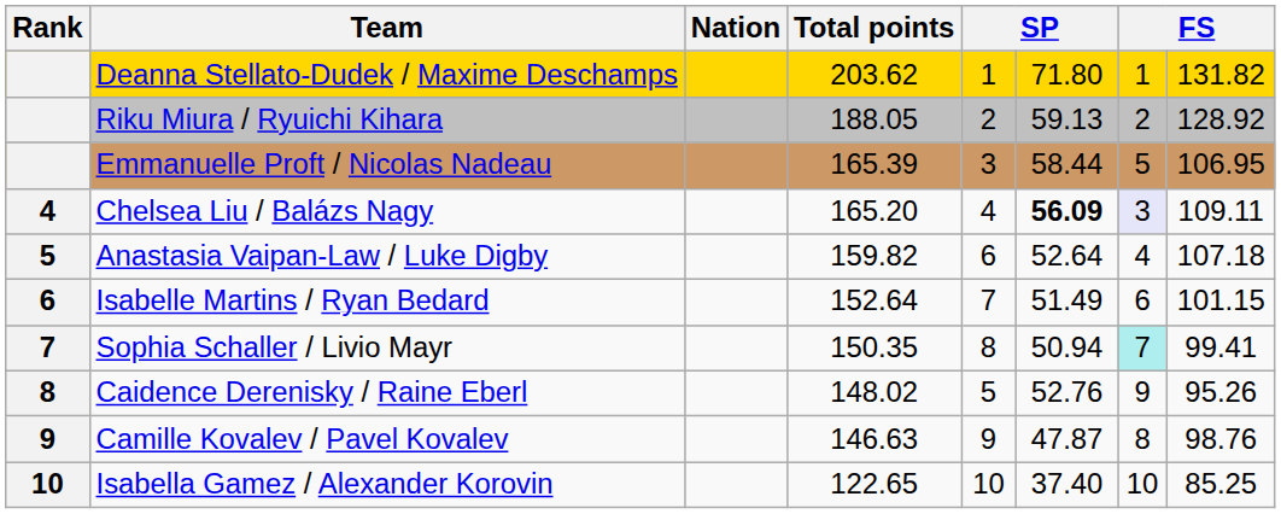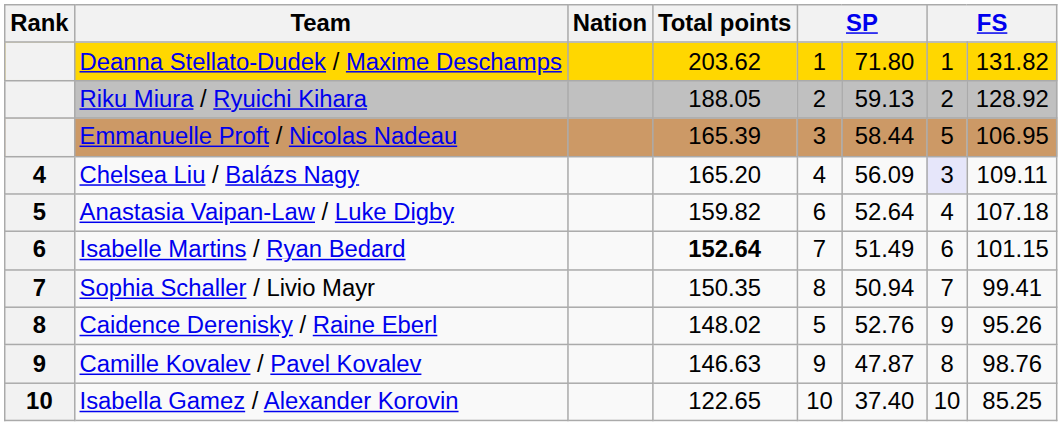 <table class="wikitable sortable" style="text-align:left">
 <tr>
 <th scope="col">Rank</th>
 <th scope="col">Team</th>
 <th scope="col">Nation</th>
 <th scope="col">Total points</th>
 <th scope="col" colspan="2" width="80px"><a href='#'>SP</a></th>
 <th scope="col" colspan="2" width="80px"><a href='#'>FS</a></th>
 </tr>
 <tr bgcolor="gold">
 <th scope="row"></th>
 <td><a href='#'>Deanna Stellato-Dudek</a> / <a href='#'>Maxime Deschamps</a></td>
 <td></td>
 <td align="center">203.62</td>
 <td align="center">1</td>
 <td align="center">71.80</td>
 <td align="center">1</td>
 <td align="center">131.82</td>
 </tr>
 <tr bgcolor="silver">
 <th scope="row"></th>
 <td><a href='#'>Riku Miura</a> / <a href='#'>Ryuichi Kihara</a></td>
 <td></td>
 <td align="center">188.05</td>
 <td align="center">2</td>
 <td align="center">59.13</td>
 <td align="center">2</td>
 <td align="center">128.92</td>
 </tr>
 <tr bgcolor="cc9966">
 <th scope="row"></th>
 <td><a href='#'>Emmanuelle Proft</a> / <a href='#'>Nicolas Nadeau</a></td>
 <td></td>
 <td align="center">165.39</td>
 <td align="center">3</td>
 <td align="center">58.44</td>
 <td align="center">5</td>
 <td align="center">106.95</td>
 </tr>
 <tr>
 <th scope="row">4</th>
 <td><a href='#'>Chelsea Liu</a> / <a href='#'>Balázs Nagy</a></td>
 <td></td>
 <td align="center">165.20</td>
 <td align="center">4</td>
-<td align="center"><strong>56.09</strong></td>
+<td align="center">56.09</td>
 <td align="center" style="background: lavender;">3</td>
 <td align="center">109.11</td>
 </tr>
 <tr>
 <th scope="row">5</th>
 <td><a href='#'>Anastasia Vaipan-Law</a> / <a href='#'>Luke Digby</a></td>
 <td></td>
 <td align="center">159.82</td>
 <td align="center">6</td>
 <td align="center">52.64</td>
 <td align="center">4</td>
 <td align="center">107.18</td>
 </tr>
 <tr>
 <th scope="row">6</th>
 <td><a href='#'>Isabelle Martins</a> / <a href='#'>Ryan Bedard</a></td>
 <td></td>
-<td align="center">152.64</td>
+<td align="center"><strong>152.64</strong></td>
 <td align="center">7</td>
 <td align="center">51.49</td>
 <td align="center">6</td>
 <td align="center">101.15</td>
 </tr>
 <tr>
 <th scope="row">7</th>
 <td><a href='#'>Sophia Schaller</a> / Livio Mayr</td>
 <td></td>
 <td align="center">150.35</td>
 <td align="center">8</td>
 <td align="center">50.94</td>
-<td align="center" style="background: paleturquoise;">7</td>
+<td align="center">7</td>
 <td align="center">99.41</td>
 </tr>
 <tr>
 <th scope="row">8</th>
 <td><a href='#'>Caidence Derenisky</a> / <a href='#'>Raine Eberl</a></td>
 <td></td>
 <td align="center">148.02</td>
 <td align="center">5</td>
 <td align="center">52.76</td>
 <td align="center">9</td>
 <td align="center">95.26</td>
 </tr>
 <tr>
 <th scope="row">9</th>
 <td><a href='#'>Camille Kovalev</a> / <a href='#'>Pavel Kovalev</a></td>
 <td></td>
 <td align="center">146.63</td>
 <td align="center">9</td>
 <td align="center">47.87</td>
 <td align="center">8</td>
 <td align="center">98.76</td>
 </tr>
 <tr>
 <th scope="row">10</th>
 <td><a href='#'>Isabella Gamez</a> / <a href='#'>Alexander Korovin</a></td>
 <td></td>
 <td align="center">122.65</td>
 <td align="center">10</td>
 <td align="center">37.40</td>
 <td align="center">10</td>
 <td align="center">85.25</td>
 </tr>
 </table>
